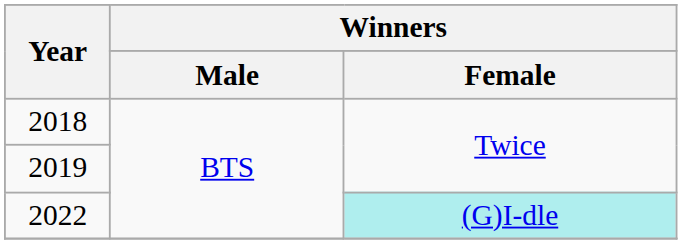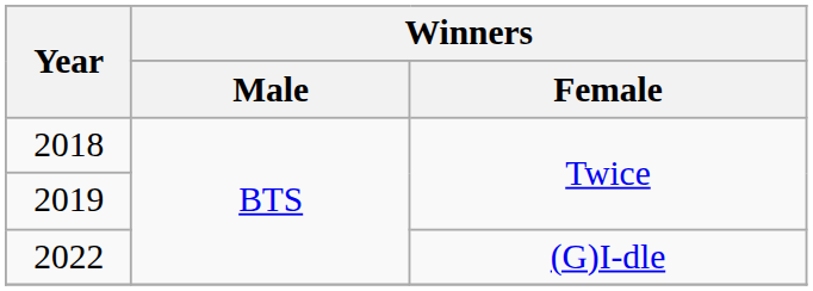 <table class="wikitable" style="text-align: center">
 <tr>
 <th width="50" rowspan="2">Year</th>
 <th width="300" colspan="2">Winners</th>
 </tr>
 <tr>
 <th>Male</th>
 <th>Female</th>
 </tr>
 <tr>
 <td>2018</td>
 <td rowspan="3"><a href='#'>BTS</a></td>
 <td rowspan="2"><a href='#'>Twice</a></td>
 </tr>
 <tr>
 <td>2019</td>
 </tr>
 <tr>
 <td>2022</td>
-<td style="background: paleturquoise;"><a href='#'>(G)I-dle</a></td>
+<td><a href='#'>(G)I-dle</a></td>
 </tr>
 <tr>
 </tr>
 </table>
